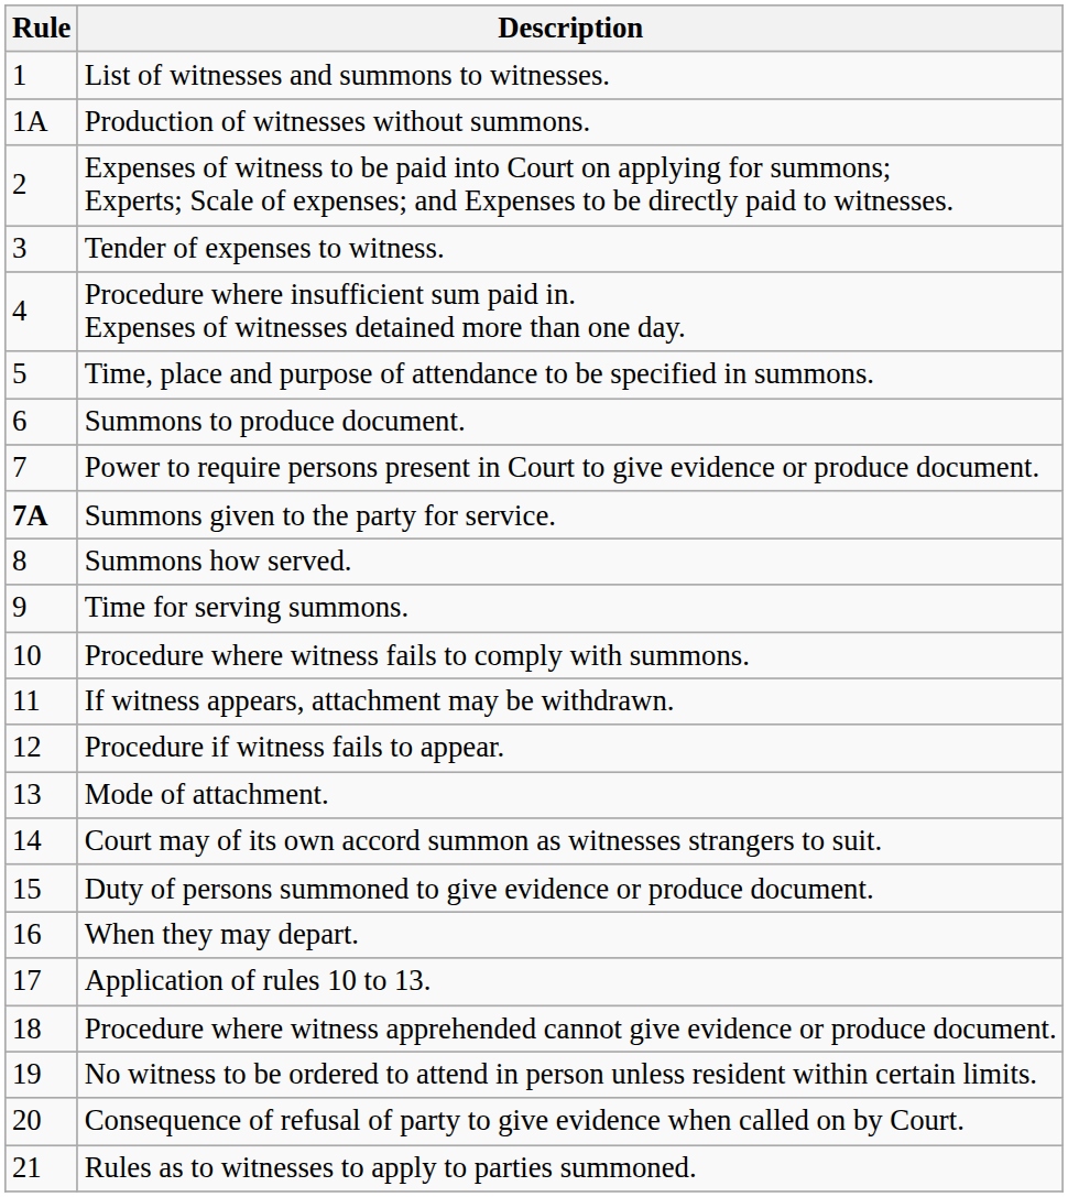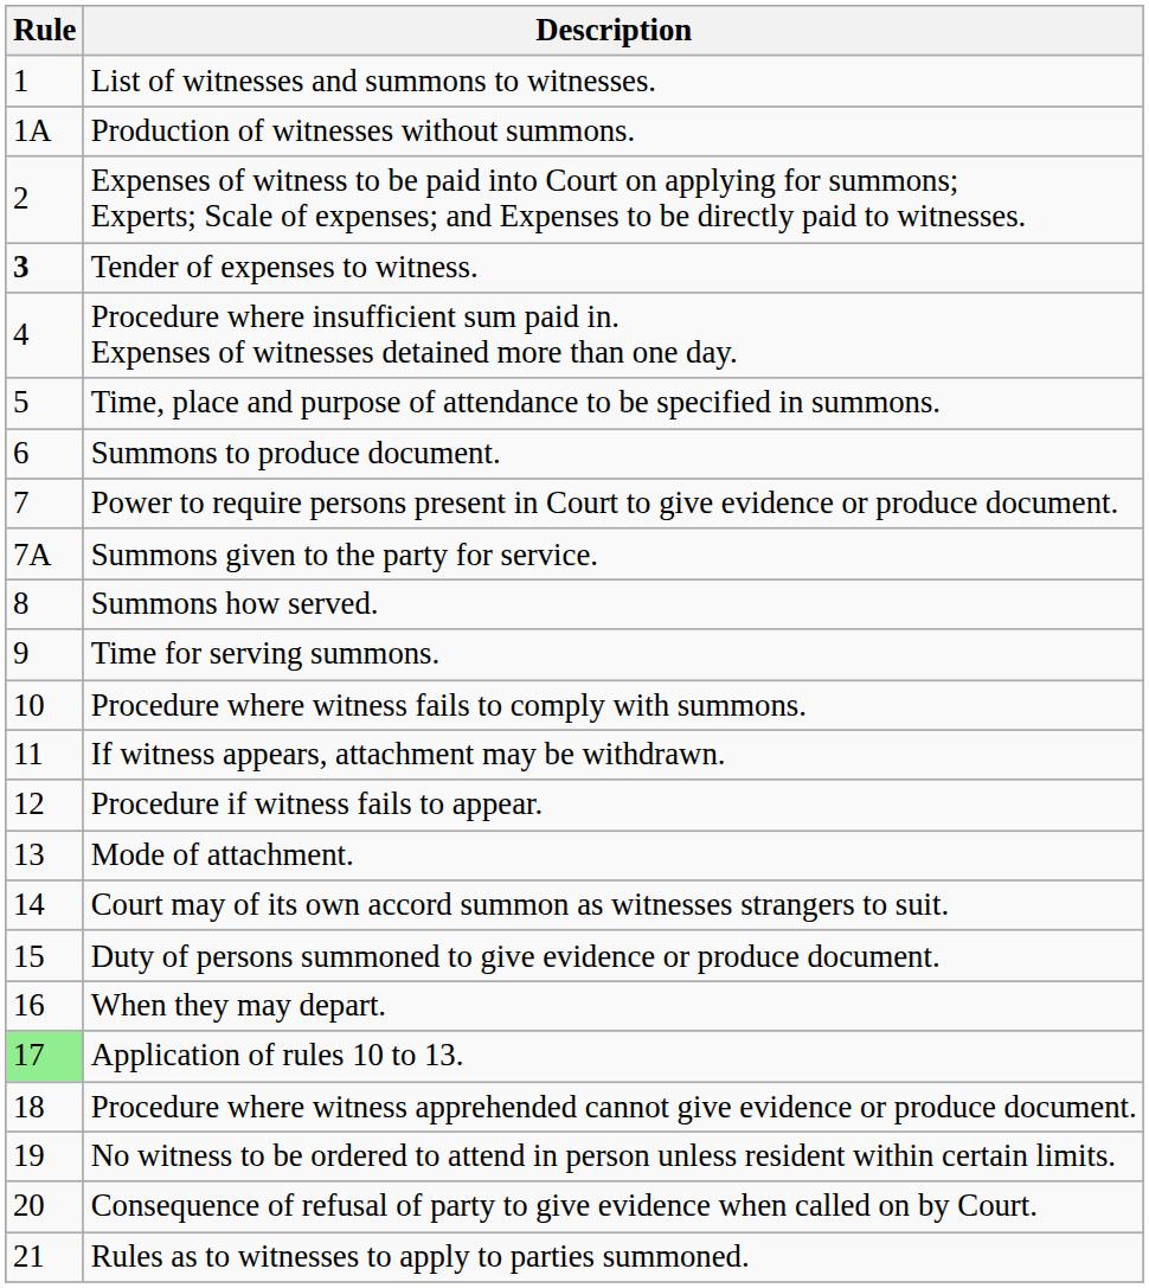 <table class="wikitable">
 <tr>
 <th>Rule</th>
 <th>Description</th>
 </tr>
 <tr>
 <td>1</td>
 <td>List of witnesses and summons to witnesses.</td>
 </tr>
 <tr>
 <td>1A</td>
 <td>Production of witnesses without summons.</td>
 </tr>
 <tr>
 <td>2</td>
 <td>Expenses of witness to be paid into Court on applying for summons;<br>Experts; Scale of expenses; and Expenses to be directly paid to witnesses.</td>
 </tr>
 <tr>
-<td>3</td>
+<td><strong>3</strong></td>
 <td>Tender of expenses to witness.</td>
 </tr>
 <tr>
 <td>4</td>
 <td>Procedure where insufficient sum paid in.<br>Expenses of witnesses detained more than one day.</td>
 </tr>
 <tr>
 <td>5</td>
 <td>Time, place and purpose of attendance to be specified in summons.</td>
 </tr>
 <tr>
 <td>6</td>
 <td>Summons to produce document.</td>
 </tr>
 <tr>
 <td>7</td>
 <td>Power to require persons present in Court to give evidence or produce document.</td>
 </tr>
 <tr>
-<td><strong>7A</strong></td>
+<td>7A</td>
 <td>Summons given to the party for service.</td>
 </tr>
 <tr>
 <td>8</td>
 <td>Summons how served.</td>
 </tr>
 <tr>
 <td>9</td>
 <td>Time for serving summons.</td>
 </tr>
 <tr>
 <td>10</td>
 <td>Procedure where witness fails to comply with summons.</td>
 </tr>
 <tr>
 <td>11</td>
 <td>If witness appears, attachment may be withdrawn.</td>
 </tr>
 <tr>
 <td>12</td>
 <td>Procedure if witness fails to appear.</td>
 </tr>
 <tr>
 <td>13</td>
 <td>Mode of attachment.</td>
 </tr>
 <tr>
 <td>14</td>
 <td>Court may of its own accord summon as witnesses strangers to suit.</td>
 </tr>
 <tr>
 <td>15</td>
 <td>Duty of persons summoned to give evidence or produce document.</td>
 </tr>
 <tr>
 <td>16</td>
 <td>When they may depart.</td>
 </tr>
 <tr>
-<td>17</td>
+<td style="background: lightgreen;">17</td>
 <td>Application of rules 10 to 13.</td>
 </tr>
 <tr>
 <td>18</td>
 <td>Procedure where witness apprehended cannot give evidence or produce document.</td>
 </tr>
 <tr>
 <td>19</td>
 <td>No witness to be ordered to attend in person unless resident within certain limits.</td>
 </tr>
 <tr>
 <td>20</td>
 <td>Consequence of refusal of party to give evidence when called on by Court.</td>
 </tr>
 <tr>
 <td>21</td>
 <td>Rules as to witnesses to apply to parties summoned.</td>
 </tr>
 </table>
